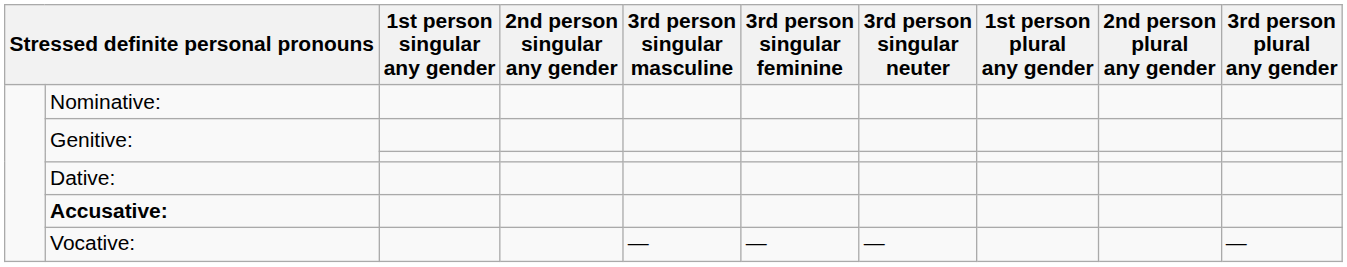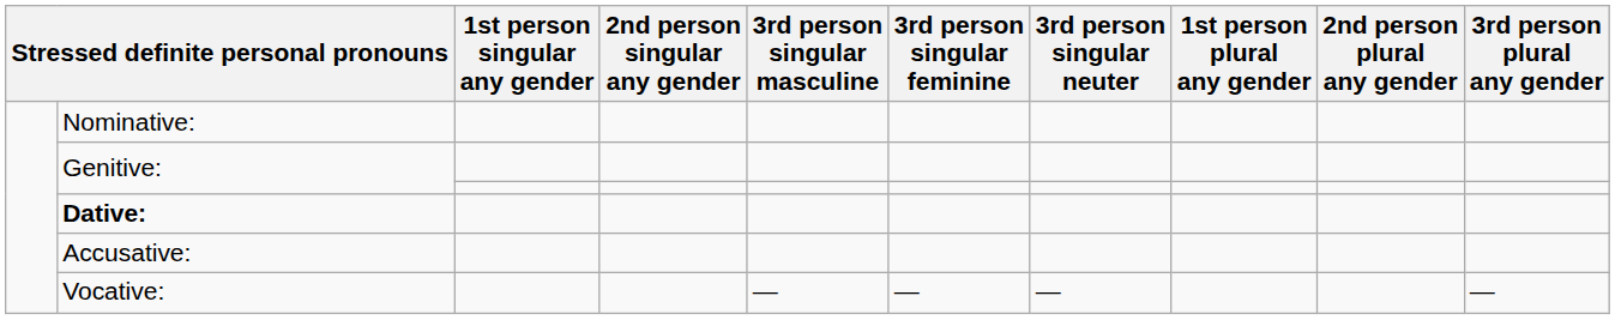 <table class="wikitable">
 <tr>
 <th colspan="2"><strong>Stressed definite personal pronouns</strong></th>
 <th>1st person<br>singular<br>any gender</th>
 <th>2nd person<br>singular<br>any gender</th>
 <th>3rd person<br>singular<br>masculine</th>
 <th>3rd person<br>singular<br>feminine</th>
 <th>3rd person<br>singular<br>neuter</th>
 <th>1st person<br>plural<br>any gender</th>
 <th>2nd person<br>plural<br>any gender</th>
 <th>3rd person<br>plural<br>any gender</th>
 </tr>
 <tr>
 <td rowspan="6" style="width:5en"> </td>
 <td>Nominative:</td>
 <td><em></em></td>
 <td><em></em></td>
 <td><em></em></td>
 <td><em></em></td>
 <td><em></em></td>
 <td><em></em></td>
 <td><em></em></td>
 <td><em></em></td>
 </tr>
 <tr>
 <td rowspan="2">Genitive:</td>
 <td><em></em> <br> <em></em></td>
 <td><em></em> <br> <em></em></td>
 <td><em></em> <br> <em></em></td>
 <td><em></em></td>
 <td><em></em> <br> <em></em></td>
 <td><em></em> <br> <em></em></td>
 <td><em></em></td>
 <td><em></em></td>
 </tr>
 <tr>
 <td><em></em></td>
 <td><em></em></td>
 <td><em></em></td>
 <td><em></em></td>
 <td><em></em></td>
 <td><em></em></td>
 <td><em></em></td>
 <td><em></em></td>
 </tr>
 <tr>
-<td>Dative:</td>
+<td><strong>Dative:</strong></td>
 <td><em></em></td>
 <td><em></em></td>
 <td><em></em></td>
 <td><em></em></td>
 <td><em></em></td>
 <td><em></em></td>
 <td><em></em></td>
 <td><em></em></td>
 </tr>
 <tr>
-<td><strong>Accusative:</strong></td>
+<td>Accusative:</td>
 <td><em></em></td>
 <td><em></em></td>
 <td><em></em></td>
 <td><em></em></td>
 <td><em></em></td>
 <td><em></em></td>
 <td><em></em></td>
 <td><em></em></td>
 </tr>
 <tr>
 <td>Vocative:</td>
 <td><em></em></td>
 <td><em></em></td>
 <td>—</td>
 <td>—</td>
 <td>—</td>
 <td><em></em></td>
 <td><em></em></td>
 <td>—</td>
 </tr>
 </table>
